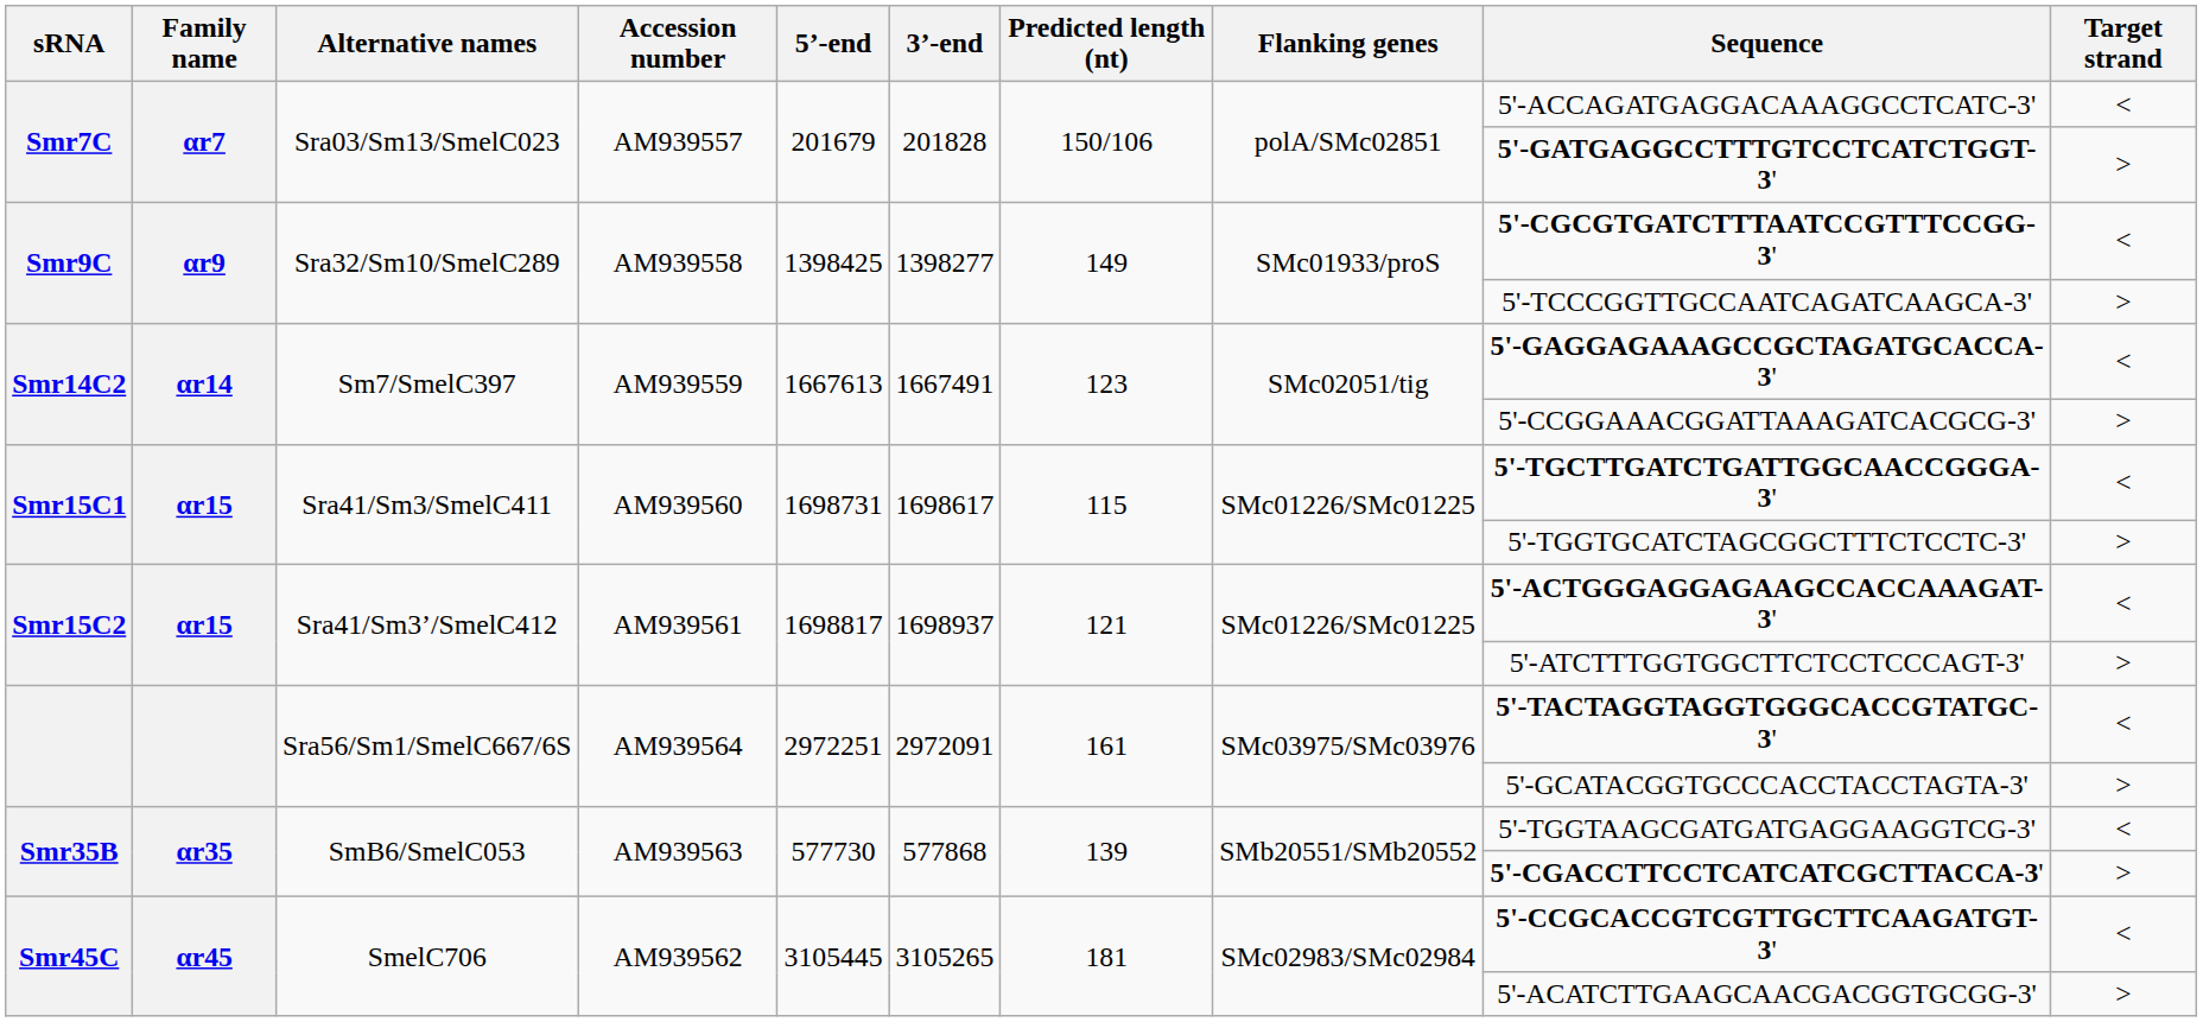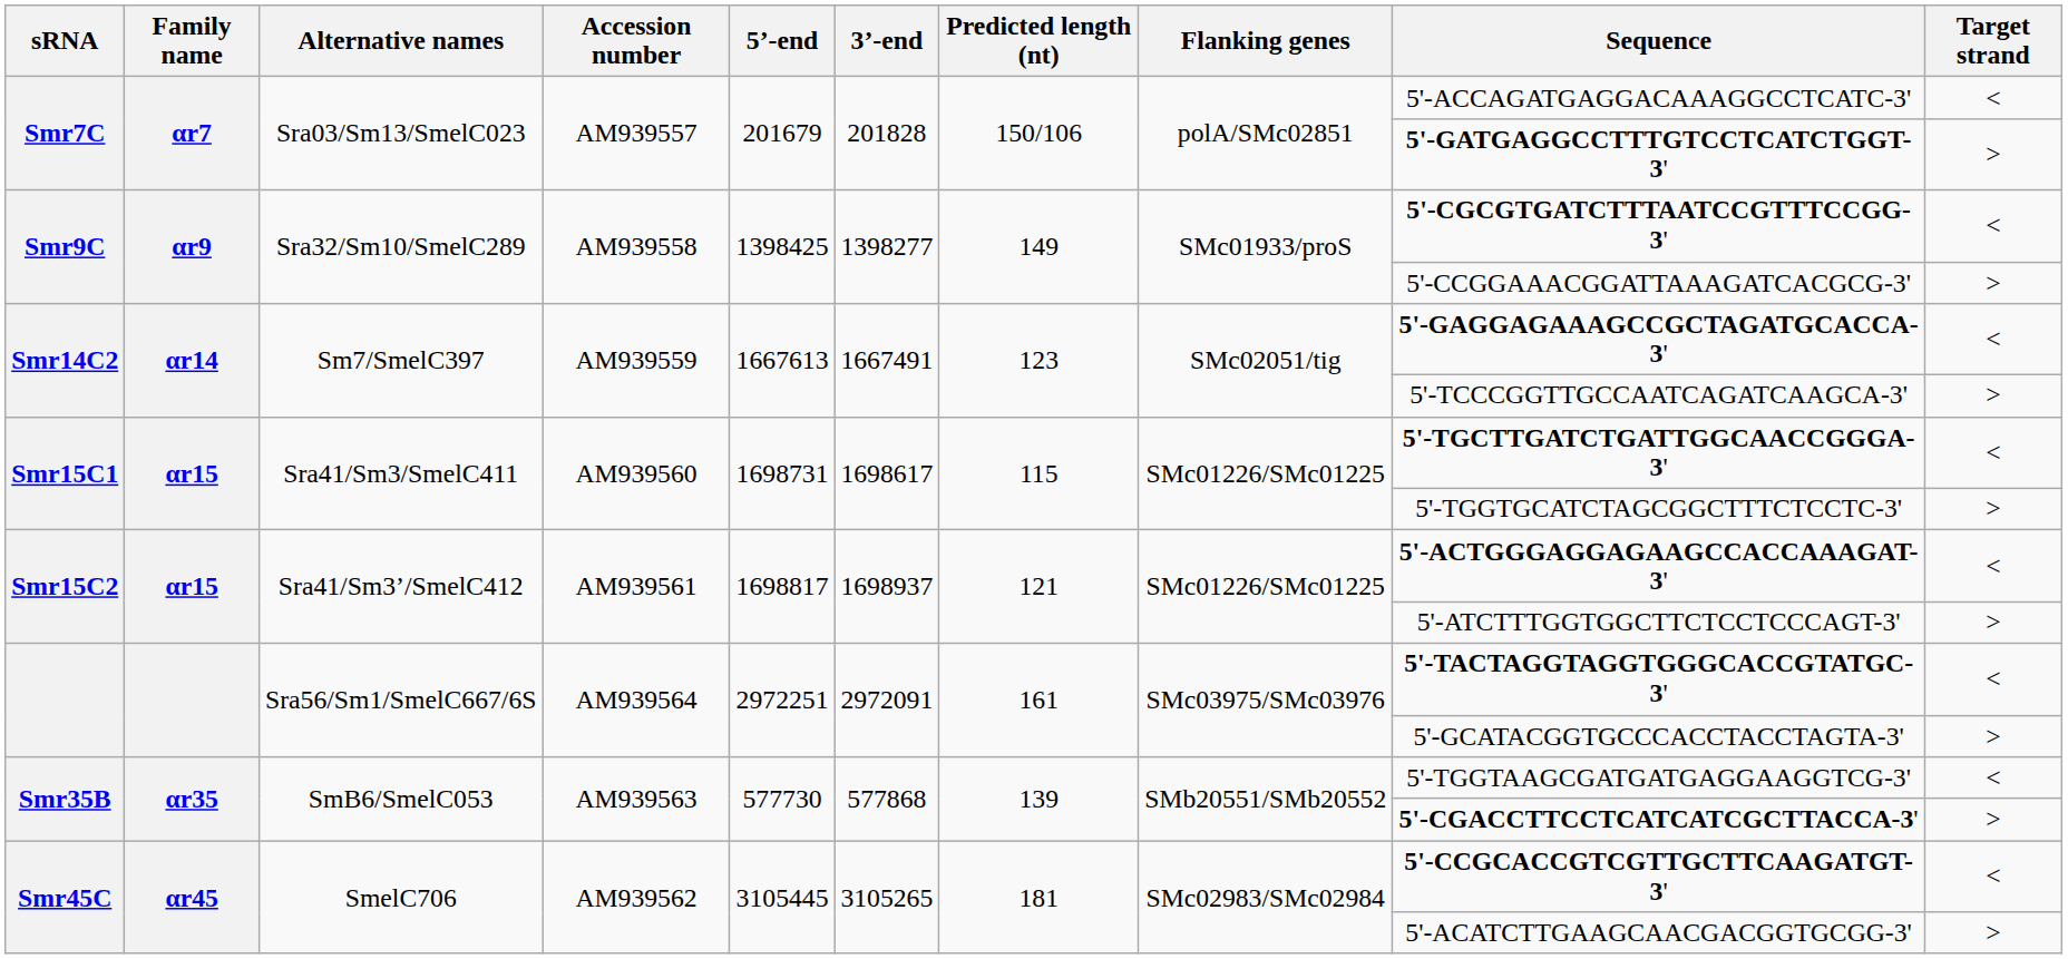 <table class="wikitable" style="text-align:center;" border="1">
 <tr>
 <th>sRNA</th>
 <th>Family name</th>
 <th>Alternative names</th>
 <th>Accession number</th>
 <th>5’-end</th>
 <th>3’-end</th>
 <th>Predicted length (nt)</th>
 <th>Flanking genes</th>
 <th>Sequence</th>
 <th>Target strand</th>
 </tr>
 <tr>
 <th rowspan="2"><a href='#'>Smr7C</a></th>
 <th rowspan="2"><a href='#'>αr7</a></th>
 <td rowspan="2">Sra03/Sm13/SmelC023</td>
 <td rowspan="2">AM939557</td>
 <td rowspan="2">201679</td>
 <td rowspan="2">201828</td>
 <td rowspan="2">150/106</td>
 <td rowspan="2">polA/SMc02851</td>
 <td>5'-ACCAGATGAGGACAAAGGCCTCATC-3'</td>
 <td><</td>
 </tr>
 <tr>
 <td><strong>5'-GATGAGGCCTTTGTCCTCATCTGGT-3</strong>'</td>
 <td>></td>
 </tr>
 <tr>
 <th rowspan="2"><a href='#'>Smr9C</a></th>
 <th rowspan="2"><a href='#'>αr9</a></th>
 <td rowspan="2">Sra32/Sm10/SmelC289</td>
 <td rowspan="2">AM939558</td>
 <td rowspan="2">1398425</td>
 <td rowspan="2">1398277</td>
 <td rowspan="2">149</td>
 <td rowspan="2">SMc01933/proS</td>
 <td><strong>5'-CGCGTGATCTTTAATCCGTTTCCGG-3</strong>'</td>
 <td><</td>
 </tr>
 <tr>
-<td>5'-TCCCGGTTGCCAATCAGATCAAGCA-3'</td>
+<td>5'-CCGGAAACGGATTAAAGATCACGCG-3'</td>
 <td>></td>
 </tr>
 <tr>
 <th rowspan="2"><a href='#'>Smr14C2</a></th>
 <th rowspan="2"><a href='#'>αr14</a></th>
 <td rowspan="2">Sm7/SmelC397</td>
 <td rowspan="2">AM939559</td>
 <td rowspan="2">1667613</td>
 <td rowspan="2">1667491</td>
 <td rowspan="2">123</td>
 <td rowspan="2">SMc02051/tig</td>
 <td><strong>5'-GAGGAGAAAGCCGCTAGATGCACCA-3</strong>'</td>
 <td><</td>
 </tr>
 <tr>
-<td>5'-CCGGAAACGGATTAAAGATCACGCG-3'</td>
+<td>5'-TCCCGGTTGCCAATCAGATCAAGCA-3'</td>
 <td>></td>
 </tr>
 <tr>
 <th rowspan="2"><a href='#'>Smr15C1</a></th>
 <th rowspan="2"><a href='#'>αr15</a></th>
 <td rowspan="2">Sra41/Sm3/SmelC411</td>
 <td rowspan="2">AM939560</td>
 <td rowspan="2">1698731</td>
 <td rowspan="2">1698617</td>
 <td rowspan="2">115</td>
 <td rowspan="2">SMc01226/SMc01225</td>
 <td><strong>5'-TGCTTGATCTGATTGGCAACCGGGA-3</strong>'</td>
 <td><</td>
 </tr>
 <tr>
 <td>5'-TGGTGCATCTAGCGGCTTTCTCCTC-3'</td>
 <td>></td>
 </tr>
 <tr>
 <th rowspan="2"><a href='#'>Smr15C2</a></th>
 <th rowspan="2"><a href='#'>αr15</a></th>
 <td rowspan="2">Sra41/Sm3’/SmelC412</td>
 <td rowspan="2">AM939561</td>
 <td rowspan="2">1698817</td>
 <td rowspan="2">1698937</td>
 <td rowspan="2">121</td>
 <td rowspan="2">SMc01226/SMc01225</td>
 <td><strong>5'-ACTGGGAGGAGAAGCCACCAAAGAT-3</strong>'</td>
 <td><</td>
 </tr>
 <tr>
 <td>5'-ATCTTTGGTGGCTTCTCCTCCCAGT-3'</td>
 <td>></td>
 </tr>
 <tr>
 <th rowspan="2"></th>
 <th rowspan="2"></th>
 <td rowspan="2">Sra56/Sm1/SmelC667/6S</td>
 <td rowspan="2">AM939564</td>
 <td rowspan="2">2972251</td>
 <td rowspan="2">2972091</td>
 <td rowspan="2">161 </td>
 <td rowspan="2">SMc03975/SMc03976</td>
 <td><strong>5'-TACTAGGTAGGTGGGCACCGTATGC-3</strong>'</td>
 <td><</td>
 </tr>
 <tr>
 <td>5'-GCATACGGTGCCCACCTACCTAGTA-3'</td>
 <td>></td>
 </tr>
 <tr>
 <th rowspan="2"><a href='#'>Smr35B</a></th>
 <th rowspan="2"><a href='#'>αr35</a></th>
 <td rowspan="2">SmB6/SmelC053</td>
 <td rowspan="2">AM939563</td>
 <td rowspan="2">577730</td>
 <td rowspan="2">577868</td>
 <td rowspan="2">139</td>
 <td rowspan="2">SMb20551/SMb20552</td>
 <td>5'-TGGTAAGCGATGATGAGGAAGGTCG-3'</td>
 <td><</td>
 </tr>
 <tr>
 <td><strong>5'-CGACCTTCCTCATCATCGCTTACCA-3</strong>'</td>
 <td>></td>
 </tr>
 <tr>
 <th rowspan="2"><a href='#'>Smr45C</a></th>
 <th rowspan="2"><a href='#'>αr45</a></th>
 <td rowspan="2">SmelC706</td>
 <td rowspan="2">AM939562</td>
 <td rowspan="2">3105445</td>
 <td rowspan="2">3105265</td>
 <td rowspan="2">181</td>
 <td rowspan="2">SMc02983/SMc02984</td>
 <td><strong>5'-CCGCACCGTCGTTGCTTCAAGATGT-3</strong>'</td>
 <td><</td>
 </tr>
 <tr>
 <td>5'-ACATCTTGAAGCAACGACGGTGCGG-3'</td>
 <td>></td>
 </tr>
 </table>
